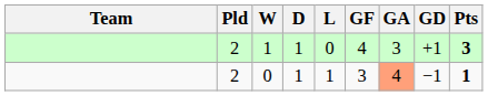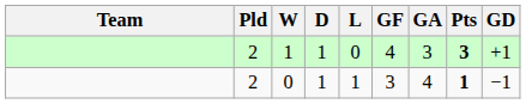 <table class="wikitable" style="text-align:center;">
 <tr>
 <th width=180>Team</th>
 <th width=20>Pld</th>
 <th width=20>W</th>
 <th width=20>D</th>
 <th width=20>L</th>
 <th width=20>GF</th>
 <th width=20>GA</th>
+<th width=20>Pts</th>
 <th width=20>GD</th>
-<th width=20>Pts</th>
 </tr>
 <tr bgcolor="ccffcc">
 <td align="left"></td>
 <td>2</td>
 <td>1</td>
 <td>1</td>
 <td>0</td>
 <td>4</td>
 <td>3</td>
+<td><strong>3</strong></td>
 <td>+1</td>
-<td><strong>3</strong></td>
 </tr>
 <tr>
 <td align="left"></td>
 <td>2</td>
 <td>0</td>
 <td>1</td>
 <td>1</td>
 <td>3</td>
-<td style="background: lightsalmon;">4</td>
+<td>4</td>
+<td><strong>1</strong></td>
 <td>−1</td>
-<td><strong>1</strong></td>
 </tr>
 </table>
